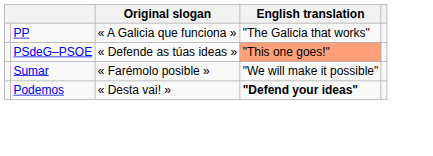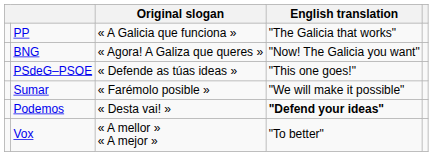 <table class="wikitable" style="text-align:left;">
 <tr>
 <th style="text-align:left;" colspan="2"></th>
 <th>Original slogan</th>
 <th>English translation</th>
 <th></th>
 </tr>
 <tr>
 <td width="1" style="color:inherit;background:"></td>
 <td><a href='#'>PP</a></td>
 <td>« A Galicia que funciona »</td>
 <td>"The Galicia that works"</td>
 <td></td>
 </tr>
 <tr>
 <td style="color:inherit;background:"></td>
+<td><a href='#'>BNG</a></td>
+<td>« Agora! A Galiza que queres »</td>
+<td>"Now! The Galicia you want"</td>
+<td></td>
+</tr>
+<tr>
+<td style="color:inherit;background:"></td>
 <td><a href='#'>PSdeG–PSOE</a></td>
 <td>« Defende as túas ideas »</td>
-<td style="background: lightsalmon;">"This one goes!"</td>
+<td>"This one goes!"</td>
 <td></td>
 </tr>
 <tr>
 <td style="color:inherit;background:"></td>
 <td><a href='#'>Sumar</a></td>
 <td>« Farémolo posible »</td>
 <td>"We will make it possible"</td>
 <td></td>
 </tr>
 <tr>
 <td style="color:inherit;background:"></td>
 <td><a href='#'>Podemos</a></td>
 <td>« Desta vai! »</td>
 <td><strong>"Defend your ideas"</strong></td>
 <td></td>
 </tr>
+<tr>
+<td style="color:inherit;background:"></td>
+<td><a href='#'>Vox</a></td>
+<td>« A mellor »<br>« A mejor »</td>
+<td>"To better"</td>
+<td></td>
+</tr>
 </table>
